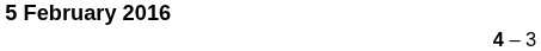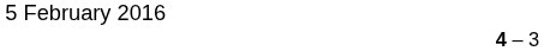 <table style="width:70%;" cellspacing="1">
 <tr>
 <th width=35%></th>
 <th width=15%></th>
 <th></th>
 </tr>
 <tr>
-<td><strong>5 February 2016</strong></td>
+<td>5 February 2016</td>
 </tr>
 <tr style=font-size:90%>
 <td align=right><strong></strong></td>
 <td align=center><strong>4</strong> – 3</td>
 <td></td>
 </tr>
 </table>
